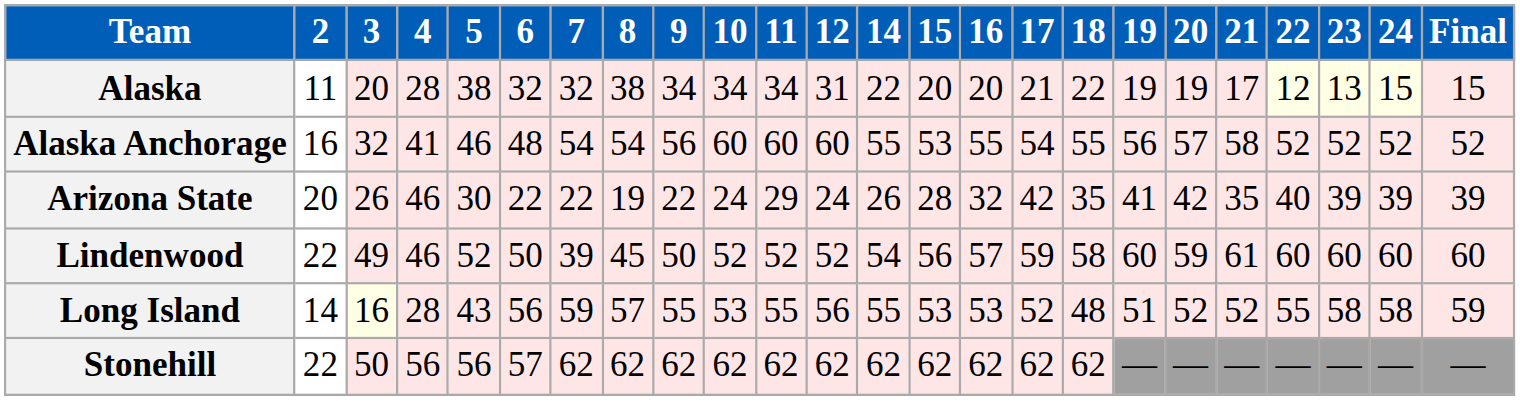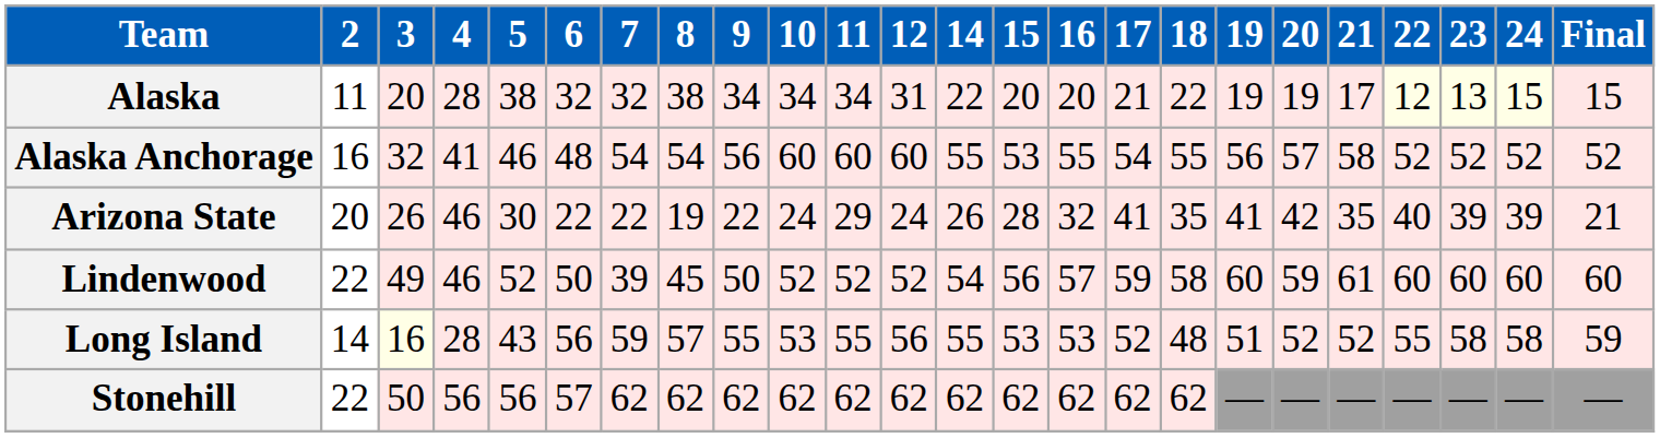 <table class="wikitable sortable" style="text-align: center;">
 <tr>
 <th style="color:white; background:#005EB8">Team</th>
 <th style="color:white; background:#005EB8">2</th>
 <th style="color:white; background:#005EB8">3</th>
 <th style="color:white; background:#005EB8">4</th>
 <th style="color:white; background:#005EB8">5</th>
 <th style="color:white; background:#005EB8">6</th>
 <th style="color:white; background:#005EB8">7</th>
 <th style="color:white; background:#005EB8">8</th>
 <th style="color:white; background:#005EB8">9</th>
 <th style="color:white; background:#005EB8">10</th>
 <th style="color:white; background:#005EB8">11</th>
 <th style="color:white; background:#005EB8">12</th>
 <th style="color:white; background:#005EB8">14</th>
 <th style="color:white; background:#005EB8">15</th>
 <th style="color:white; background:#005EB8">16</th>
 <th style="color:white; background:#005EB8">17</th>
 <th style="color:white; background:#005EB8">18</th>
 <th style="color:white; background:#005EB8">19</th>
 <th style="color:white; background:#005EB8">20</th>
 <th style="color:white; background:#005EB8">21</th>
 <th style="color:white; background:#005EB8">22</th>
 <th style="color:white; background:#005EB8">23</th>
 <th style="color:white; background:#005EB8">24</th>
 <th style="color:white; background:#005EB8">Final</th>
 </tr>
 <tr>
 <th>Alaska</th>
 <td bgcolor=ffffff>11</td>
 <td bgcolor=FFE6E6>20</td>
 <td bgcolor=FFE6E6>28</td>
 <td bgcolor=FFE6E6>38</td>
 <td bgcolor=FFE6E6>32</td>
 <td bgcolor=FFE6E6>32</td>
 <td bgcolor=FFE6E6>38</td>
 <td bgcolor=FFE6E6>34</td>
 <td bgcolor=FFE6E6>34</td>
 <td bgcolor=FFE6E6>34</td>
 <td bgcolor=FFE6E6>31</td>
 <td bgcolor=FFE6E6>22</td>
 <td bgcolor=FFE6E6>20</td>
 <td bgcolor=FFE6E6>20</td>
 <td bgcolor=FFE6E6>21</td>
 <td bgcolor=FFE6E6>22</td>
 <td bgcolor=FFE6E6>19</td>
 <td bgcolor=FFE6E6>19</td>
 <td bgcolor=FFE6E6>17</td>
 <td bgcolor=FFFFE6>12</td>
 <td bgcolor=FFFFE6>13</td>
 <td bgcolor=FFFFE6>15</td>
 <td bgcolor=FFE6E6>15</td>
 </tr>
 <tr>
 <th>Alaska Anchorage</th>
 <td bgcolor=ffffff>16</td>
 <td bgcolor=FFE6E6>32</td>
 <td bgcolor=FFE6E6>41</td>
 <td bgcolor=FFE6E6>46</td>
 <td bgcolor=FFE6E6>48</td>
 <td bgcolor=FFE6E6>54</td>
 <td bgcolor=FFE6E6>54</td>
 <td bgcolor=FFE6E6>56</td>
 <td bgcolor=FFE6E6>60</td>
 <td bgcolor=FFE6E6>60</td>
 <td bgcolor=FFE6E6>60</td>
 <td bgcolor=FFE6E6>55</td>
 <td bgcolor=FFE6E6>53</td>
 <td bgcolor=FFE6E6>55</td>
 <td bgcolor=FFE6E6>54</td>
 <td bgcolor=FFE6E6>55</td>
 <td bgcolor=FFE6E6>56</td>
 <td bgcolor=FFE6E6>57</td>
 <td bgcolor=FFE6E6>58</td>
 <td bgcolor=FFE6E6>52</td>
 <td bgcolor=FFE6E6>52</td>
 <td bgcolor=FFE6E6>52</td>
 <td bgcolor=FFE6E6>52</td>
 </tr>
 <tr>
 <th>Arizona State</th>
 <td bgcolor=ffffff>20</td>
 <td bgcolor=FFE6E6>26</td>
 <td bgcolor=FFE6E6>46</td>
 <td bgcolor=FFE6E6>30</td>
 <td bgcolor=FFE6E6>22</td>
 <td bgcolor=FFE6E6>22</td>
 <td bgcolor=FFE6E6>19</td>
 <td bgcolor=FFE6E6>22</td>
 <td bgcolor=FFE6E6>24</td>
 <td bgcolor=FFE6E6>29</td>
 <td bgcolor=FFE6E6>24</td>
 <td bgcolor=FFE6E6>26</td>
 <td bgcolor=FFE6E6>28</td>
 <td bgcolor=FFE6E6>32</td>
-<td bgcolor=FFE6E6>42</td>
+<td bgcolor=FFE6E6>41</td>
 <td bgcolor=FFE6E6>35</td>
 <td bgcolor=FFE6E6>41</td>
 <td bgcolor=FFE6E6>42</td>
 <td bgcolor=FFE6E6>35</td>
 <td bgcolor=FFE6E6>40</td>
 <td bgcolor=FFE6E6>39</td>
 <td bgcolor=FFE6E6>39</td>
-<td bgcolor=FFE6E6>39</td>
+<td bgcolor=FFE6E6>21</td>
 </tr>
 <tr>
 <th>Lindenwood</th>
 <td bgcolor=ffffff>22</td>
 <td bgcolor=FFE6E6>49</td>
 <td bgcolor=FFE6E6>46</td>
 <td bgcolor=FFE6E6>52</td>
 <td bgcolor=FFE6E6>50</td>
 <td bgcolor=FFE6E6>39</td>
 <td bgcolor=FFE6E6>45</td>
 <td bgcolor=FFE6E6>50</td>
 <td bgcolor=FFE6E6>52</td>
 <td bgcolor=FFE6E6>52</td>
 <td bgcolor=FFE6E6>52</td>
 <td bgcolor=FFE6E6>54</td>
 <td bgcolor=FFE6E6>56</td>
 <td bgcolor=FFE6E6>57</td>
 <td bgcolor=FFE6E6>59</td>
 <td bgcolor=FFE6E6>58</td>
 <td bgcolor=FFE6E6>60</td>
 <td bgcolor=FFE6E6>59</td>
 <td bgcolor=FFE6E6>61</td>
 <td bgcolor=FFE6E6>60</td>
 <td bgcolor=FFE6E6>60</td>
 <td bgcolor=FFE6E6>60</td>
 <td bgcolor=FFE6E6>60</td>
 </tr>
 <tr>
 <th>Long Island</th>
 <td bgcolor=ffffff>14</td>
 <td bgcolor=FFFFE6>16</td>
 <td bgcolor=FFE6E6>28</td>
 <td bgcolor=FFE6E6>43</td>
 <td bgcolor=FFE6E6>56</td>
 <td bgcolor=FFE6E6>59</td>
 <td bgcolor=FFE6E6>57</td>
 <td bgcolor=FFE6E6>55</td>
 <td bgcolor=FFE6E6>53</td>
 <td bgcolor=FFE6E6>55</td>
 <td bgcolor=FFE6E6>56</td>
 <td bgcolor=FFE6E6>55</td>
 <td bgcolor=FFE6E6>53</td>
 <td bgcolor=FFE6E6>53</td>
 <td bgcolor=FFE6E6>52</td>
 <td bgcolor=FFE6E6>48</td>
 <td bgcolor=FFE6E6>51</td>
 <td bgcolor=FFE6E6>52</td>
 <td bgcolor=FFE6E6>52</td>
 <td bgcolor=FFE6E6>55</td>
 <td bgcolor=FFE6E6>58</td>
 <td bgcolor=FFE6E6>58</td>
 <td bgcolor=FFE6E6>59</td>
 </tr>
 <tr>
 <th>Stonehill</th>
 <td bgcolor=ffffff>22</td>
 <td bgcolor=FFE6E6>50</td>
 <td bgcolor=FFE6E6>56</td>
 <td bgcolor=FFE6E6>56</td>
 <td bgcolor=FFE6E6>57</td>
 <td bgcolor=FFE6E6>62</td>
 <td bgcolor=FFE6E6>62</td>
 <td bgcolor=FFE6E6>62</td>
 <td bgcolor=FFE6E6>62</td>
 <td bgcolor=FFE6E6>62</td>
 <td bgcolor=FFE6E6>62</td>
 <td bgcolor=FFE6E6>62</td>
 <td bgcolor=FFE6E6>62</td>
 <td bgcolor=FFE6E6>62</td>
 <td bgcolor=FFE6E6>62</td>
 <td bgcolor=FFE6E6>62</td>
 <td bgcolor=a0a0a0>—</td>
 <td bgcolor=a0a0a0>—</td>
 <td bgcolor=a0a0a0>—</td>
 <td bgcolor=a0a0a0>—</td>
 <td bgcolor=a0a0a0>—</td>
 <td bgcolor=a0a0a0>—</td>
 <td bgcolor=a0a0a0>—</td>
 </tr>
 <tr>
 </tr>
 </table>
